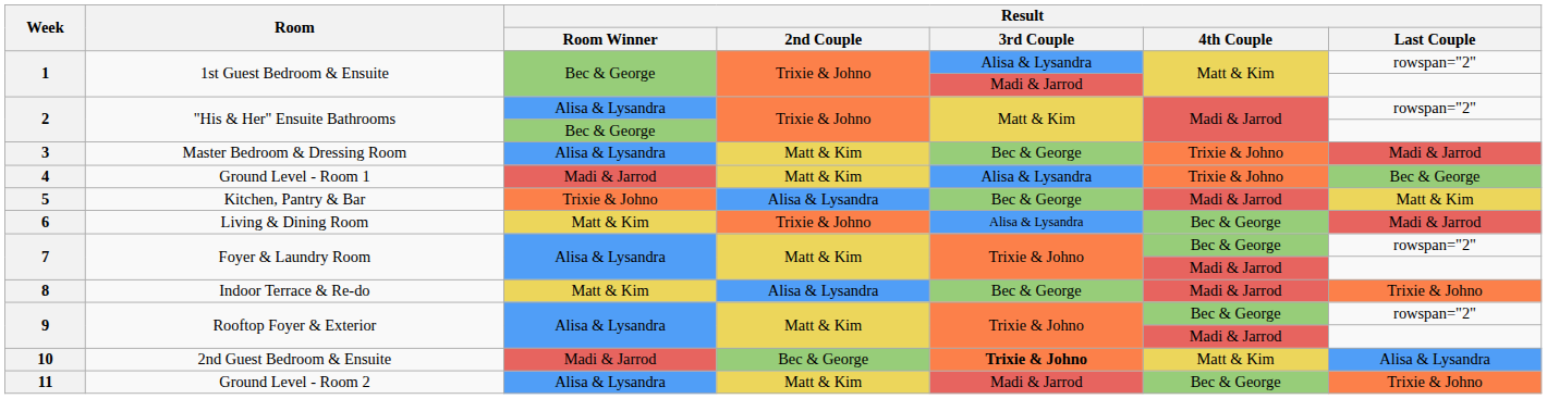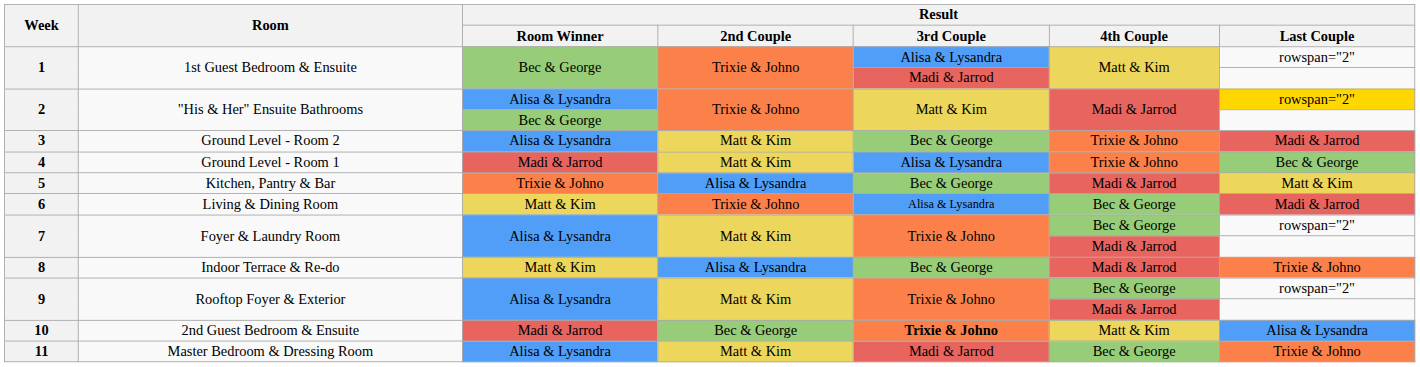 <table class="wikitable plainrowheaders" style="text-align:center; line-height:16px; width:99%;">
 <tr>
 <th rowspan="2">Week</th>
 <th rowspan="2">Room</th>
 <th colspan="5">Result</th>
 </tr>
 <tr>
 <th>Room Winner</th>
 <th>2nd Couple</th>
 <th>3rd Couple</th>
 <th>4th Couple</th>
 <th>Last Couple</th>
 </tr>
 <tr>
 <th rowspan="2">1</th>
 <td rowspan="2">1st Guest Bedroom & Ensuite</td>
 <td ! style="background-color:#97CD79; font-size:;" rowspan="2">Bec & George</td>
 <td style="background-color:#FC804A; font-size:;" rowspan="2">Trixie & Johno</td>
 <td ! style="background-color:#509EF7; font-size:;">Alisa & Lysandra</td>
 <td ! style="background-color:#ECD65B; font-size:;" rowspan="2">Matt & Kim</td>
 <td>rowspan="2" </td>
 </tr>
 <tr>
 <td style="background-color:#E7645F; font-size:;">Madi & Jarrod</td>
 </tr>
 <tr>
 <th rowspan="2">2</th>
 <td rowspan="2">"His & Her" Ensuite Bathrooms</td>
 <td ! style="background-color:#509EF7; font-size:;">Alisa & Lysandra</td>
 <td style="background-color:#FC804A; font-size:;" rowspan="2">Trixie & Johno</td>
 <td ! style="background-color:#ECD65B; font-size:;" rowspan="2">Matt & Kim</td>
 <td style="background-color:#E7645F; font-size:;" rowspan="2">Madi & Jarrod</td>
-<td>rowspan="2" </td>
+<td style="background: gold;">rowspan="2" </td>
 </tr>
 <tr>
 <td ! style="background-color:#97CD79; font-size:;">Bec & George</td>
 </tr>
 <tr>
 <th>3</th>
-<td>Master Bedroom & Dressing Room</td>
+<td>Ground Level - Room 2</td>
 <td ! style="background-color:#509EF7; font-size:;">Alisa & Lysandra</td>
 <td ! style="background-color:#ECD65B; font-size:;">Matt & Kim</td>
 <td ! style="background-color:#97CD79; font-size:;">Bec & George</td>
 <td style="background-color:#FC804A; font-size:;">Trixie & Johno</td>
 <td style="background-color:#E7645F; font-size:;">Madi & Jarrod</td>
 </tr>
 <tr>
 <th>4</th>
 <td>Ground Level - Room 1</td>
 <td style="background-color:#E7645F; font-size:;">Madi & Jarrod</td>
 <td ! style="background-color:#ECD65B; font-size:;">Matt & Kim</td>
 <td ! style="background-color:#509EF7; font-size:;">Alisa & Lysandra</td>
 <td style="background-color:#FC804A; font-size:;">Trixie & Johno</td>
 <td ! style="background-color:#97CD79; font-size:;">Bec & George</td>
 </tr>
 <tr>
 <th>5</th>
 <td>Kitchen, Pantry & Bar</td>
 <td style="background-color:#FC804A; font-size:;">Trixie & Johno</td>
 <td ! style="background-color:#509EF7; font-size:;">Alisa & Lysandra</td>
 <td ! style="background-color:#97CD79; font-size:;">Bec & George</td>
 <td style="background-color:#E7645F; font-size:;">Madi & Jarrod</td>
 <td ! style="background-color:#ECD65B; font-size:;">Matt & Kim</td>
 </tr>
 <tr>
 <th>6</th>
 <td>Living & Dining Room</td>
 <td ! style="background-color:#ECD65B; font-size:;">Matt & Kim</td>
 <td style="background-color:#FC804A; font-size:;">Trixie & Johno</td>
 <td ! style="background-color:#509EF7; font-size:85%;">Alisa & Lysandra</td>
 <td ! style="background-color:#97CD79; font-size:;">Bec & George</td>
 <td style="background-color:#E7645F; font-size:;">Madi & Jarrod</td>
 </tr>
 <tr>
 <th rowspan="2">7</th>
 <td rowspan="2">Foyer & Laundry Room</td>
 <td ! style="background-color:#509EF7; font-size:;" rowspan="2">Alisa & Lysandra</td>
 <td ! style="background-color:#ECD65B; font-size:;" rowspan="2">Matt & Kim</td>
 <td style="background-color:#FC804A; font-size:;" rowspan="2">Trixie & Johno</td>
 <td ! style="background-color:#97CD79; font-size:;">Bec & George</td>
 <td>rowspan="2" </td>
 </tr>
 <tr>
 <td style="background-color:#E7645F; font-size:;">Madi & Jarrod</td>
 </tr>
 <tr>
 <th>8</th>
 <td>Indoor Terrace & Re-do</td>
 <td ! style="background-color:#ECD65B; font-size:;">Matt & Kim</td>
 <td ! style="background-color:#509EF7; font-size:;">Alisa & Lysandra</td>
 <td ! style="background-color:#97CD79; font-size:;">Bec & George</td>
 <td style="background-color:#E7645F; font-size:;">Madi & Jarrod</td>
 <td style="background-color:#FC804A; font-size:;">Trixie & Johno</td>
 </tr>
 <tr>
 <th rowspan="2">9</th>
 <td rowspan="2">Rooftop Foyer & Exterior</td>
 <td ! style="background-color:#509EF7; font-size:;" rowspan="2">Alisa & Lysandra</td>
 <td ! style="background-color:#ECD65B; font-size:;" rowspan="2">Matt & Kim</td>
 <td style="background-color:#FC804A; font-size:;" rowspan="2">Trixie & Johno</td>
 <td ! style="background-color:#97CD79; font-size:;">Bec & George</td>
 <td>rowspan="2" </td>
 </tr>
 <tr>
 <td style="background-color:#E7645F; font-size:;">Madi & Jarrod</td>
 </tr>
 <tr>
 <th>10</th>
 <td>2nd Guest Bedroom & Ensuite</td>
 <td style="background-color:#E7645F; font-size:;">Madi & Jarrod</td>
 <td ! style="background-color:#97CD79; font-size:;">Bec & George</td>
 <td style="background-color:#FC804A; font-size:;"><strong>Trixie & Johno</strong></td>
 <td ! style="background-color:#ECD65B; font-size:;">Matt & Kim</td>
 <td ! style="background-color:#509EF7; font-size:;">Alisa & Lysandra</td>
 </tr>
 <tr>
 <th>11</th>
-<td>Ground Level - Room 2</td>
+<td>Master Bedroom & Dressing Room</td>
 <td ! style="background-color:#509EF7; font-size:;">Alisa & Lysandra</td>
 <td ! style="background-color:#ECD65B; font-size:;">Matt & Kim</td>
 <td style="background-color:#E7645F; font-size:;">Madi & Jarrod</td>
 <td ! style="background-color:#97CD79; font-size:;">Bec & George</td>
 <td style="background-color:#FC804A; font-size:;">Trixie & Johno</td>
 </tr>
 </table>
